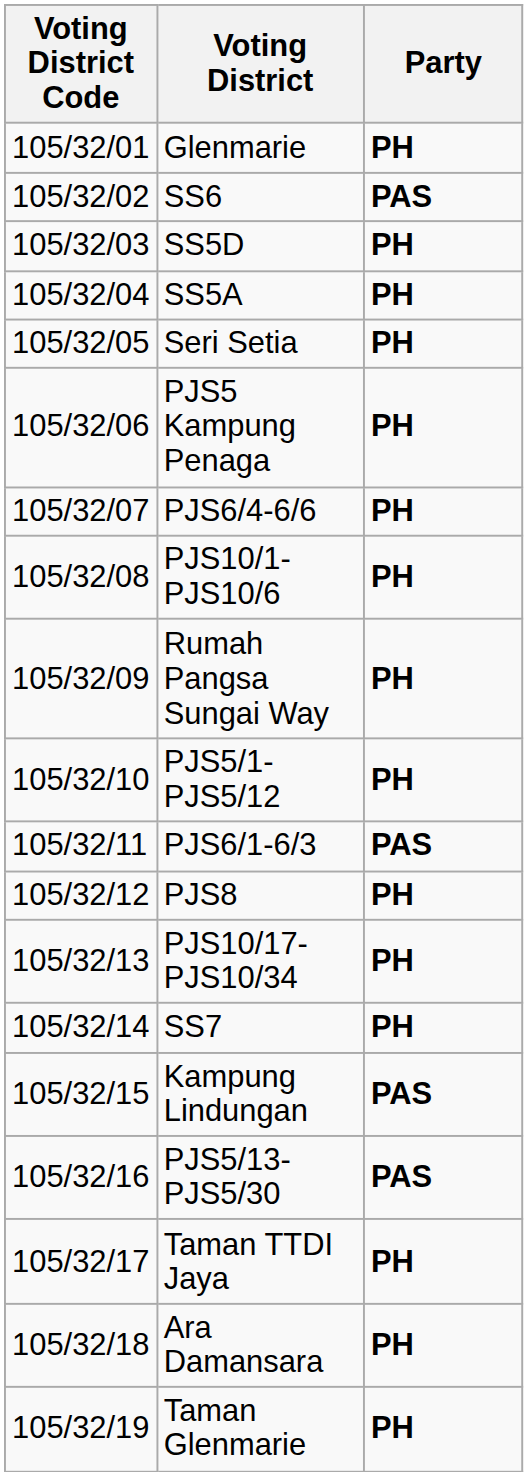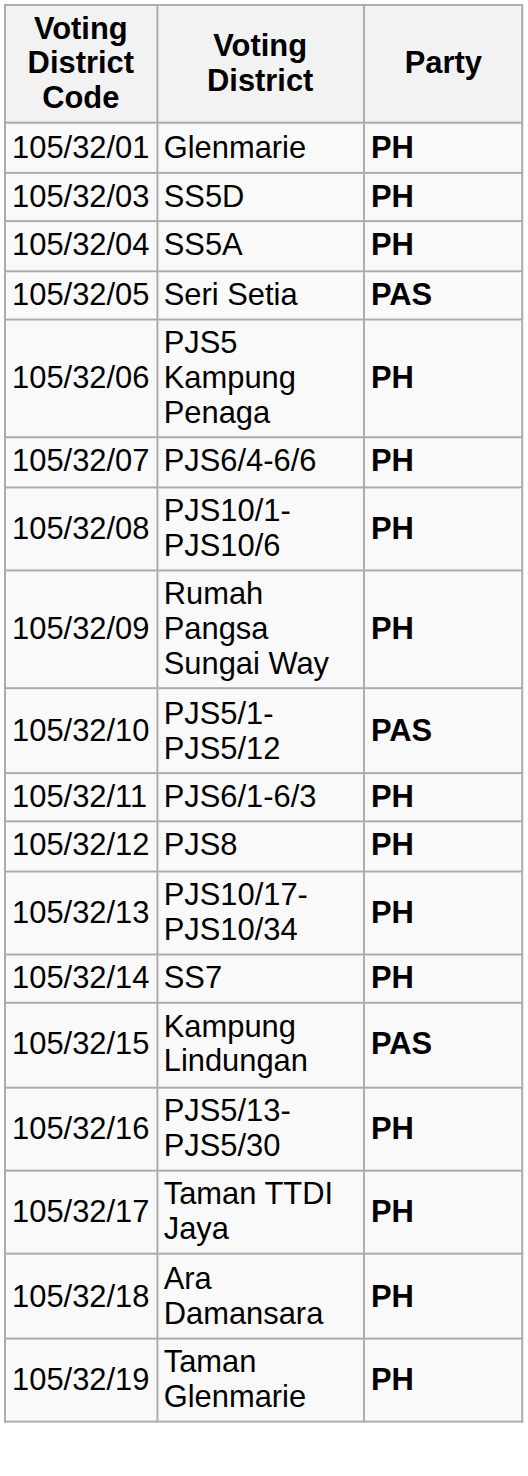 <table class ="wikitable sortable">
 <tr>
 <th style="width:30px;">Voting District Code</th>
 <th style="width:100px;">Voting District</th>
 <th style="width:75px;">Party</th>
 </tr>
 <tr>
 <td>105/32/01</td>
 <td>Glenmarie</td>
 <td><strong>PH</strong></td>
-</tr>
-<tr>
-<td>105/32/02</td>
-<td>SS6</td>
-<td><strong>PAS</strong></td>
 </tr>
 <tr>
 <td>105/32/03</td>
 <td>SS5D</td>
 <td><strong>PH</strong></td>
 </tr>
 <tr>
 <td>105/32/04</td>
 <td>SS5A</td>
 <td><strong>PH</strong></td>
 </tr>
 <tr>
 <td>105/32/05</td>
 <td>Seri Setia</td>
-<td><strong>PH</strong></td>
+<td><strong>PAS</strong></td>
 </tr>
 <tr>
 <td>105/32/06</td>
 <td>PJS5 Kampung Penaga</td>
 <td><strong>PH</strong></td>
 </tr>
 <tr>
 <td>105/32/07</td>
 <td>PJS6/4-6/6</td>
 <td><strong>PH</strong></td>
 </tr>
 <tr>
 <td>105/32/08</td>
 <td>PJS10/1-PJS10/6</td>
 <td><strong>PH</strong></td>
 </tr>
 <tr>
 <td>105/32/09</td>
 <td>Rumah Pangsa Sungai Way</td>
 <td><strong>PH</strong></td>
 </tr>
 <tr>
 <td>105/32/10</td>
 <td>PJS5/1-PJS5/12</td>
-<td><strong>PH</strong></td>
+<td><strong>PAS</strong></td>
 </tr>
 <tr>
 <td>105/32/11</td>
 <td>PJS6/1-6/3</td>
-<td><strong>PAS</strong></td>
+<td><strong>PH</strong></td>
 </tr>
 <tr>
 <td>105/32/12</td>
 <td>PJS8</td>
 <td><strong>PH</strong></td>
 </tr>
 <tr>
 <td>105/32/13</td>
 <td>PJS10/17-PJS10/34</td>
 <td><strong>PH</strong></td>
 </tr>
 <tr>
 <td>105/32/14</td>
 <td>SS7</td>
 <td><strong>PH</strong></td>
 </tr>
 <tr>
 <td>105/32/15</td>
 <td>Kampung Lindungan</td>
 <td><strong>PAS</strong></td>
 </tr>
 <tr>
 <td>105/32/16</td>
 <td>PJS5/13-PJS5/30</td>
-<td><strong>PAS</strong></td>
+<td><strong>PH</strong></td>
 </tr>
 <tr>
 <td>105/32/17</td>
 <td>Taman TTDI Jaya</td>
 <td><strong>PH</strong></td>
 </tr>
 <tr>
 <td>105/32/18</td>
 <td>Ara Damansara</td>
 <td><strong>PH</strong></td>
 </tr>
 <tr>
 <td>105/32/19</td>
 <td>Taman Glenmarie</td>
 <td><strong>PH</strong></td>
 </tr>
 </table>
